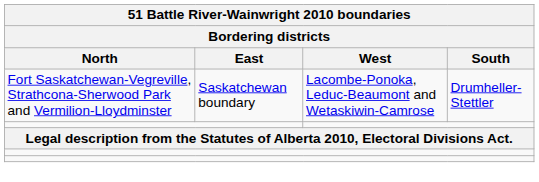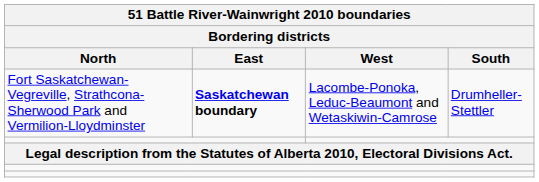 <table class="wikitable collapsible collapsed" style="width:100%;">
 <tr>
 <th colspan=4>51 Battle River-Wainwright 2010 boundaries</th>
 </tr>
 <tr>
 <th colspan=4>Bordering districts</th>
 </tr>
 <tr>
 <th>North</th>
 <th>East</th>
 <th>West</th>
 <th>South</th>
 </tr>
 <tr>
 <td><a href='#'>Fort Saskatchewan-Vegreville</a>, <a href='#'>Strathcona-Sherwood Park</a> and <a href='#'>Vermilion-Lloydminster</a></td>
-<td><a href='#'>Saskatchewan</a> boundary</td>
+<td><strong><a href='#'>Saskatchewan</a> boundary</strong></td>
 <td><a href='#'>Lacombe-Ponoka</a>, <a href='#'>Leduc-Beaumont</a> and <a href='#'>Wetaskiwin-Camrose</a></td>
 <td><a href='#'>Drumheller-Stettler</a></td>
 </tr>
 <tr>
 <td colspan=2 align=center></td>
 <td colspan=2 align=center></td>
 </tr>
 <tr>
 <th colspan=4>Legal description from the Statutes of Alberta 2010, Electoral Divisions Act.</th>
 </tr>
 <tr>
 <td colspan=4></td>
 </tr>
 <tr>
 <td colspan=4></td>
 </tr>
 </table>
